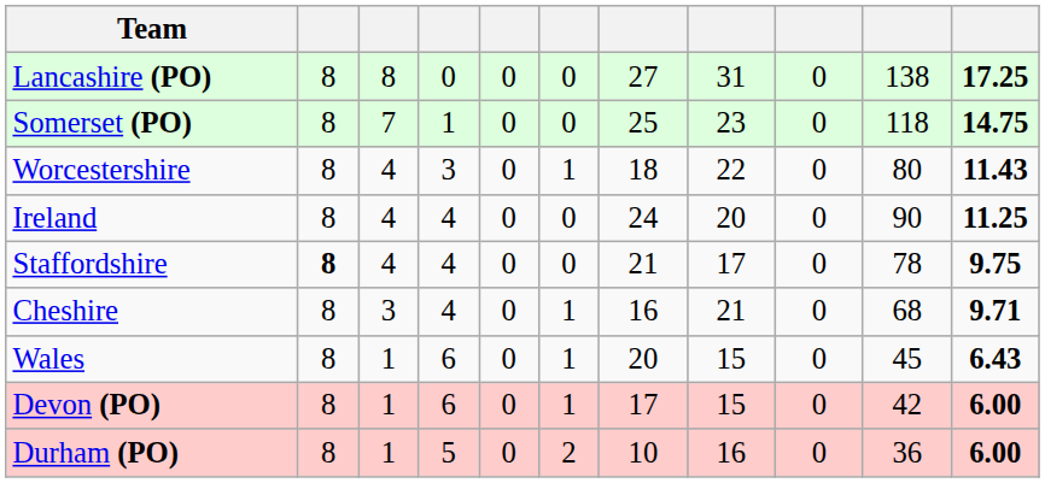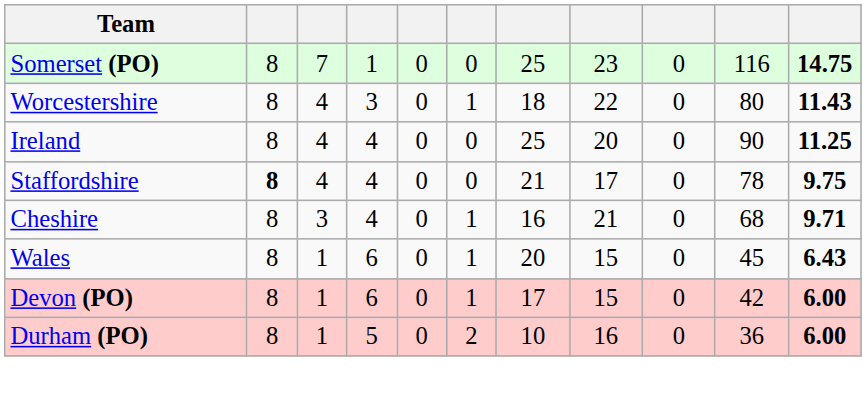 <table class="wikitable" style="text-align:center">
 <tr>
 <th width="150">Team</th>
 <th width="25"></th>
 <th width="25"></th>
 <th width="25"></th>
 <th width="25"></th>
 <th width="25"></th>
 <th width="40"></th>
 <th width="40"></th>
 <th width="40"></th>
 <th width="40"></th>
 <th width="40"></th>
 </tr>
 <tr style="background:#dfd;">
-<td style="text-align:left"><a href='#'>Lancashire</a> <strong>(PO)</strong></td>
-<td>8</td>
-<td>8</td>
-<td>0</td>
-<td>0</td>
-<td>0</td>
-<td>27</td>
-<td>31</td>
-<td>0</td>
-<td>138</td>
-<td><strong>17.25</strong></td>
-</tr>
-<tr style="background:#dfd;">
 <td style="text-align:left"><a href='#'>Somerset</a> <strong>(PO)</strong></td>
 <td>8</td>
 <td>7</td>
 <td>1</td>
 <td>0</td>
 <td>0</td>
 <td>25</td>
 <td>23</td>
 <td>0</td>
-<td>118</td>
+<td>116</td>
 <td><strong>14.75</strong></td>
 </tr>
 <tr>
 <td style="text-align:left"><a href='#'>Worcestershire</a></td>
 <td>8</td>
 <td>4</td>
 <td>3</td>
 <td>0</td>
 <td>1</td>
 <td>18</td>
 <td>22</td>
 <td>0</td>
 <td>80</td>
 <td><strong>11.43</strong></td>
 </tr>
 <tr>
 <td style="text-align:left"><a href='#'>Ireland</a></td>
 <td>8</td>
 <td>4</td>
 <td>4</td>
 <td>0</td>
 <td>0</td>
-<td>24</td>
+<td>25</td>
 <td>20</td>
 <td>0</td>
 <td>90</td>
 <td><strong>11.25</strong></td>
 </tr>
 <tr>
 <td style="text-align:left"><a href='#'>Staffordshire</a></td>
 <td><strong>8</strong></td>
 <td>4</td>
 <td>4</td>
 <td>0</td>
 <td>0</td>
 <td>21</td>
 <td>17</td>
 <td>0</td>
 <td>78</td>
 <td><strong>9.75</strong></td>
 </tr>
 <tr>
 <td style="text-align:left"><a href='#'>Cheshire</a></td>
 <td>8</td>
 <td>3</td>
 <td>4</td>
 <td>0</td>
 <td>1</td>
 <td>16</td>
 <td>21</td>
 <td>0</td>
 <td>68</td>
 <td><strong>9.71</strong></td>
 </tr>
 <tr>
 <td style="text-align:left"><a href='#'>Wales</a></td>
 <td>8</td>
 <td>1</td>
 <td>6</td>
 <td>0</td>
 <td>1</td>
 <td>20</td>
 <td>15</td>
 <td>0</td>
 <td>45</td>
 <td><strong>6.43</strong></td>
 </tr>
 <tr style="background:#FFCCCC">
 <td style="text-align:left"><a href='#'>Devon</a>  <strong>(PO)</strong></td>
 <td>8</td>
 <td>1</td>
 <td>6</td>
 <td>0</td>
 <td>1</td>
 <td>17</td>
 <td>15</td>
 <td>0</td>
 <td>42</td>
 <td><strong>6.00</strong></td>
 </tr>
 <tr style="background:#FFCCCC">
 <td style="text-align:left"><a href='#'>Durham</a>  <strong>(PO)</strong></td>
 <td>8</td>
 <td>1</td>
 <td>5</td>
 <td>0</td>
 <td>2</td>
 <td>10</td>
 <td>16</td>
 <td>0</td>
 <td>36</td>
 <td><strong>6.00</strong></td>
 </tr>
 </table>
